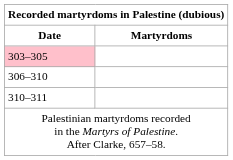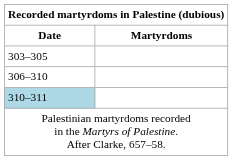 <table border="2" cellpadding="4" cellspacing="0" style="float: right; margin-left: 2em; margin-right: 1em; margin: 0 1em 1em 0; border: 1px #aaa solid; border-collapse: collapse; font-size: 85%">
 <tr>
 <th colspan="2">Recorded martyrdoms in Palestine (dubious)</th>
 </tr>
 <tr>
 <th>Date</th>
 <th>Martyrdoms</th>
 </tr>
 <tr>
-<td style="background: pink;">303–305</td>
+<td>303–305</td>
 <td></td>
 </tr>
 <tr>
 <td>306–310</td>
 <td></td>
 </tr>
 <tr>
-<td>310–311</td>
+<td style="background: lightblue;">310–311</td>
 <td></td>
 </tr>
 <tr>
 <td colspan = "4" align="center">Palestinian martyrdoms recorded<br> in the <em>Martyrs of Palestine</em>.<br>After Clarke, 657–58.</td>
 </tr>
 </table>
